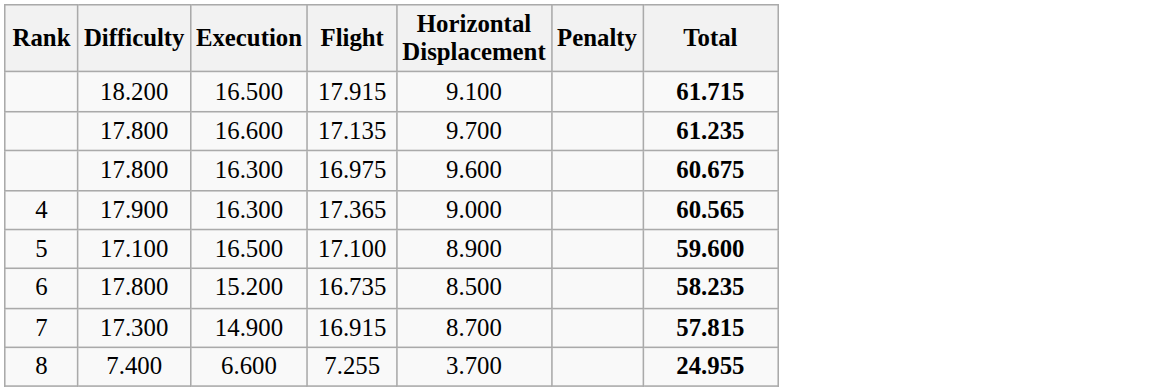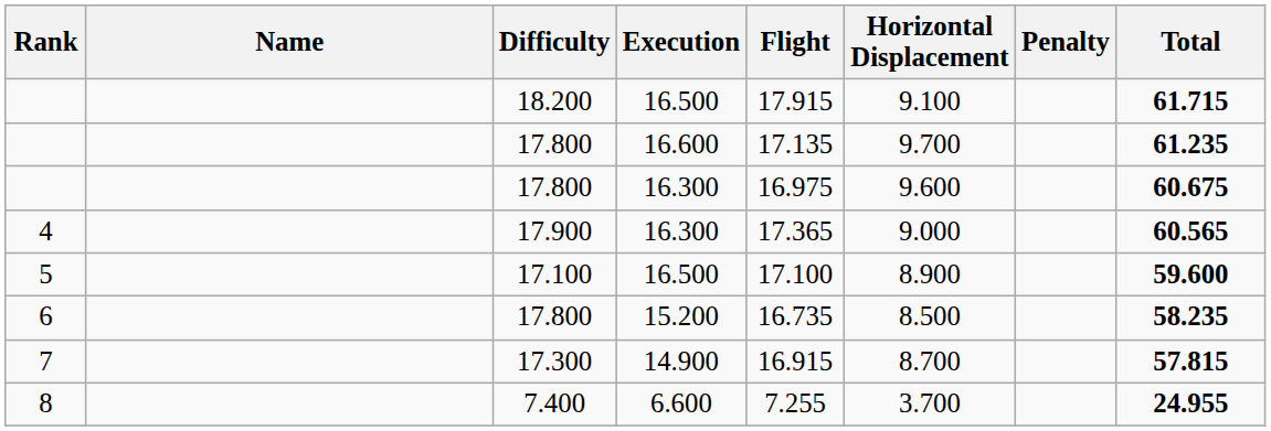 <table class="wikitable sortable" style="text-align:center">
 <tr>
 <th width=40>Rank</th>
+<th width=230>Name</th>
 <th width=50>Difficulty</th>
 <th width=50>Execution</th>
 <th width=50>Flight</th>
 <th width=50>Horizontal Displacement</th>
 <th width=50>Penalty</th>
 <th width=80>Total</th>
 </tr>
 <tr>
 <td></td>
+<td align=left></td>
 <td>18.200</td>
 <td>16.500</td>
 <td>17.915</td>
 <td>9.100</td>
 <td></td>
 <td><strong>61.715</strong></td>
 </tr>
 <tr>
 <td></td>
+<td align=left></td>
 <td>17.800</td>
 <td>16.600</td>
 <td>17.135</td>
 <td>9.700</td>
 <td></td>
 <td><strong>61.235</strong></td>
 </tr>
 <tr>
 <td></td>
+<td align=left></td>
 <td>17.800</td>
 <td>16.300</td>
 <td>16.975</td>
 <td>9.600</td>
 <td></td>
 <td><strong>60.675</strong></td>
 </tr>
 <tr>
 <td>4</td>
+<td align=left></td>
 <td>17.900</td>
 <td>16.300</td>
 <td>17.365</td>
 <td>9.000</td>
 <td></td>
 <td><strong>60.565</strong></td>
 </tr>
 <tr>
 <td>5</td>
+<td align=left></td>
 <td>17.100</td>
 <td>16.500</td>
 <td>17.100</td>
 <td>8.900</td>
 <td></td>
 <td><strong>59.600</strong></td>
 </tr>
 <tr>
 <td>6</td>
+<td align=left></td>
 <td>17.800</td>
 <td>15.200</td>
 <td>16.735</td>
 <td>8.500</td>
 <td></td>
 <td><strong>58.235</strong></td>
 </tr>
 <tr>
 <td>7</td>
+<td align=left></td>
 <td>17.300</td>
 <td>14.900</td>
 <td>16.915</td>
 <td>8.700</td>
 <td></td>
 <td><strong>57.815</strong></td>
 </tr>
 <tr>
 <td>8</td>
+<td align=left></td>
 <td>7.400</td>
 <td>6.600</td>
 <td>7.255</td>
 <td>3.700</td>
 <td></td>
 <td><strong>24.955</strong></td>
 </tr>
 </table>
